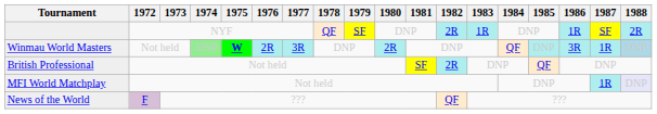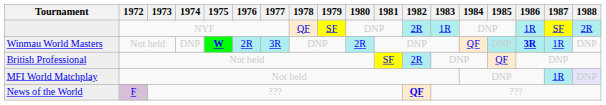 <table class="wikitable" style="width:75%; margin:0">
 <tr>
 <th>Tournament</th>
 <th>1972</th>
 <th>1973</th>
 <th>1974</th>
 <th>1975</th>
 <th>1976</th>
 <th>1977</th>
 <th>1978</th>
 <th>1979</th>
 <th>1980</th>
 <th>1981</th>
 <th>1982</th>
 <th>1983</th>
 <th>1984</th>
 <th>1985</th>
 <th>1986</th>
 <th>1987</th>
 <th>1988</th>
 </tr>
 <tr>
 <td style="background:#efefef;"></td>
 <td colspan="6" style="text-align:center; color:#ccc;">NYF</td>
 <td style="text-align:center; background:#ffebcd;"><a href='#'>QF</a></td>
 <td style="text-align:center; background:yellow;"><a href='#'>SF</a></td>
 <td colspan="2" style="text-align:center; color:#ccc;">DNP</td>
 <td style="text-align:center; background:#afeeee;"><a href='#'>2R</a></td>
 <td style="text-align:center; background:#afeeee;"><a href='#'>1R</a></td>
 <td colspan="2" style="text-align:center; color:#ccc;">DNP</td>
 <td style="text-align:center; background:#afeeee;"><a href='#'>1R</a></td>
 <td style="text-align:center; background:yellow;"><a href='#'>SF</a></td>
 <td style="text-align:center; background:#afeeee;"><a href='#'>2R</a></td>
 </tr>
 <tr>
 <td style="background:#efefef;"><a href='#'>Winmau World Masters</a></td>
 <td colspan="2" style="text-align:center; color:#ccc;">Not held</td>
-<td style="background: lightgreen; text-align:center; color:#ccc;">DNP</td>
+<td style="text-align:center; color:#ccc;">DNP</td>
 <td style="text-align:center; background:lime;"><strong><a href='#'>W</a></strong></td>
 <td style="text-align:center; background:#afeeee;"><a href='#'>2R</a></td>
 <td style="text-align:center; background:#afeeee;"><a href='#'>3R</a></td>
 <td colspan="2" style="text-align:center; color:#ccc;">DNP</td>
 <td style="text-align:center; background:#afeeee;"><a href='#'>2R</a></td>
 <td colspan="3" style="text-align:center; color:#ccc;">DNP</td>
 <td style="text-align:center; background:#ffebcd;"><a href='#'>QF</a></td>
 <td style="background: paleturquoise; text-align:center; color:#ccc;">DNP</td>
-<td style="text-align:center; background:#afeeee;"><a href='#'>3R</a></td>
+<td style="text-align:center; background:#afeeee;"><strong><a href='#'>3R</a></strong></td>
 <td style="text-align:center; background:#afeeee;"><a href='#'>1R</a></td>
-<td style="background: lightblue; text-align:center; color:#ccc;">DNP</td>
+<td style="text-align:center; color:#ccc;">DNP</td>
 </tr>
 <tr>
 <td style="background:#efefef;"><a href='#'>British Professional</a></td>
 <td colspan="9" style="text-align:center; color:#ccc;">Not held</td>
 <td style="text-align:center; background:yellow;"><a href='#'>SF</a></td>
 <td style="text-align:center; background:#afeeee;"><a href='#'>2R</a></td>
 <td colspan="2" style="text-align:center; color:#ccc;">DNP</td>
 <td style="text-align:center; background:#ffebcd;"><a href='#'>QF</a></td>
 <td colspan="3" style="text-align:center; color:#ccc;">DNP</td>
 </tr>
 <tr>
 <td style="background:#efefef;"><a href='#'>MFI World Matchplay</a></td>
 <td colspan="12" style="text-align:center; color:#ccc;">Not held</td>
 <td colspan="3" style="text-align:center; color:#ccc;">DNP</td>
 <td style="text-align:center; background:#afeeee;"><a href='#'>1R</a></td>
 <td style="background: lavender; text-align:center; color:#ccc;">DNP</td>
 </tr>
 <tr>
 <td style="background:#efefef;"><a href='#'>News of the World</a></td>
 <td style="text-align:center; background:thistle;"><a href='#'>F</a></td>
 <td colspan="9" style="text-align:center; color:#ccc;">???</td>
-<td style="text-align:center; background:#ffebcd;"><a href='#'>QF</a></td>
+<td style="text-align:center; background:#ffebcd;"><strong><a href='#'>QF</a></strong></td>
 <td colspan="7" style="text-align:center; color:#ccc;">???</td>
 </tr>
 </table>
